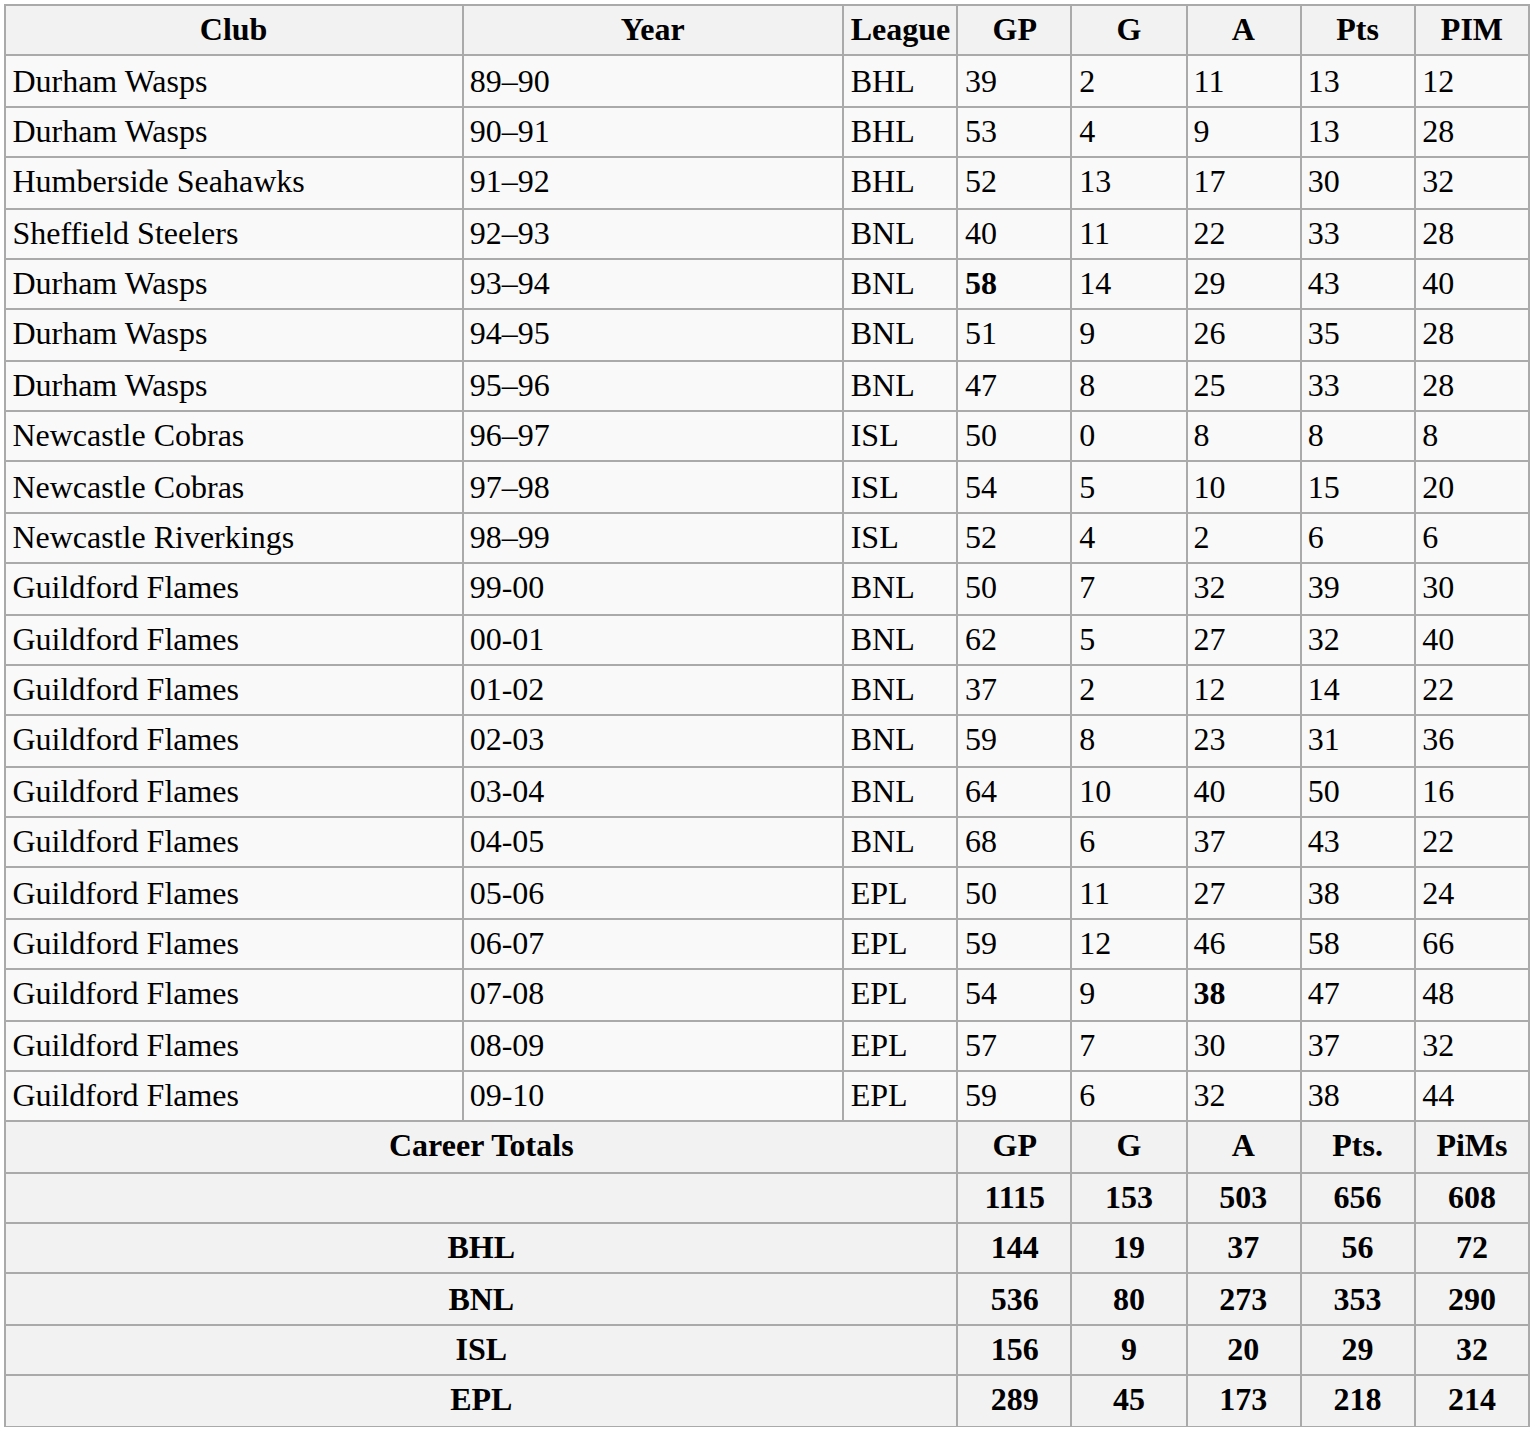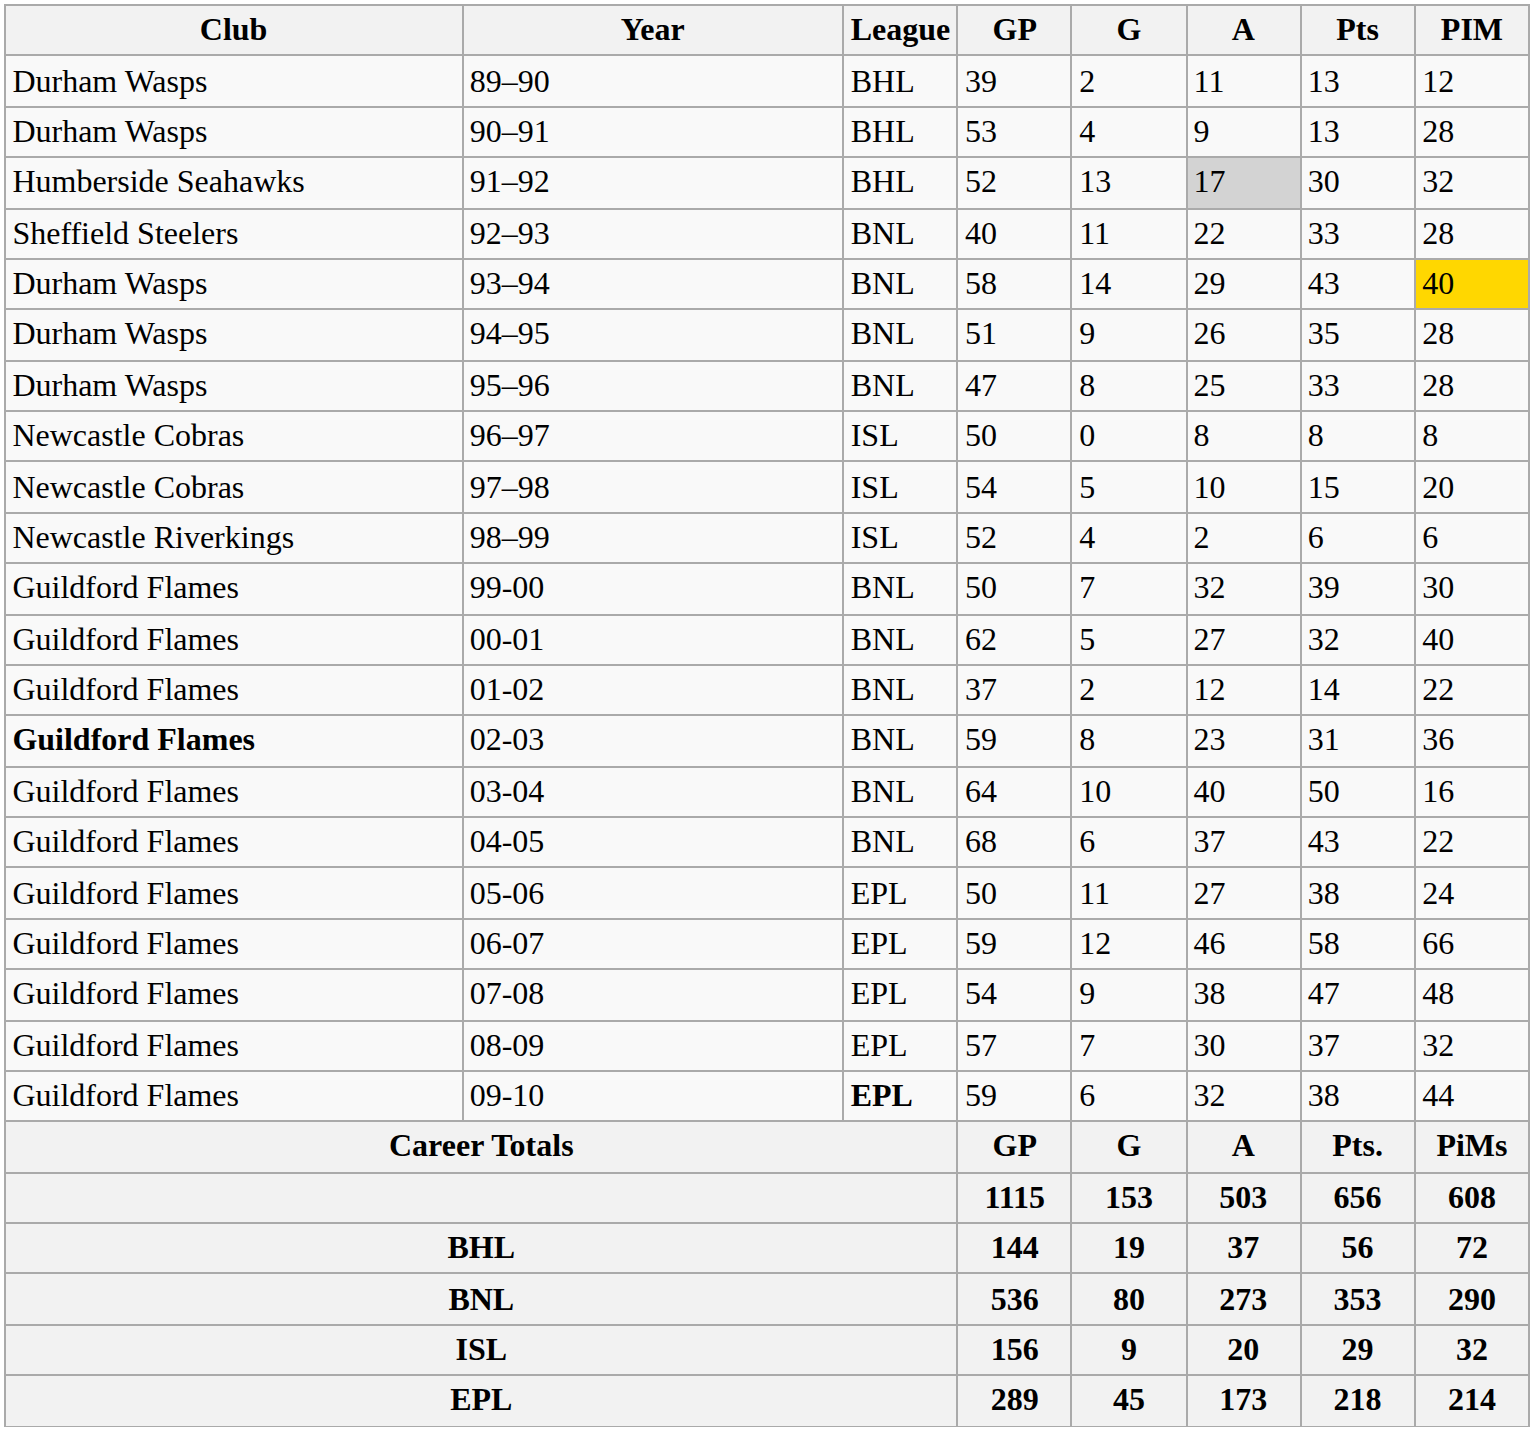 <table class="wikitable">
 <tr>
 <th bgcolor="#DDDDFF" width="30%">Club</th>
 <th bgcolor="#DDDDFF" width="25%">Year</th>
 <th bgcolor="#DDDDFF" width="7.5%">League</th>
 <th bgcolor="#DDDDFF" width="7.5%">GP</th>
 <th bgcolor="#DDDDFF" width="7.5%">G</th>
 <th bgcolor="#DDDDFF" width="7.5%">A</th>
 <th bgcolor="#DDDDFF" width="7.5%">Pts</th>
 <th bgcolor="#DDDDFF" width="7.5%">PIM</th>
 </tr>
 <tr>
 <td>Durham Wasps</td>
 <td>89–90</td>
 <td>BHL</td>
 <td>39</td>
 <td>2</td>
 <td>11</td>
 <td>13</td>
 <td>12</td>
 </tr>
 <tr>
 <td>Durham Wasps</td>
 <td>90–91</td>
 <td>BHL</td>
 <td>53</td>
 <td>4</td>
 <td>9</td>
 <td>13</td>
 <td>28</td>
 </tr>
 <tr>
 <td>Humberside Seahawks</td>
 <td>91–92</td>
 <td>BHL</td>
 <td>52</td>
 <td>13</td>
-<td>17</td>
+<td style="background: lightgrey;">17</td>
 <td>30</td>
 <td>32</td>
 </tr>
 <tr>
 <td>Sheffield Steelers</td>
 <td>92–93</td>
 <td>BNL</td>
 <td>40</td>
 <td>11</td>
 <td>22</td>
 <td>33</td>
 <td>28</td>
 </tr>
 <tr>
 <td>Durham Wasps</td>
 <td>93–94</td>
 <td>BNL</td>
-<td><strong>58</strong></td>
+<td>58</td>
 <td>14</td>
 <td>29</td>
 <td>43</td>
-<td>40</td>
+<td style="background: gold;">40</td>
 </tr>
 <tr>
 <td>Durham Wasps</td>
 <td>94–95</td>
 <td>BNL</td>
 <td>51</td>
 <td>9</td>
 <td>26</td>
 <td>35</td>
 <td>28</td>
 </tr>
 <tr>
 <td>Durham Wasps</td>
 <td>95–96</td>
 <td>BNL</td>
 <td>47</td>
 <td>8</td>
 <td>25</td>
 <td>33</td>
 <td>28</td>
 </tr>
 <tr>
 <td>Newcastle Cobras</td>
 <td>96–97</td>
 <td>ISL</td>
 <td>50</td>
 <td>0</td>
 <td>8</td>
 <td>8</td>
 <td>8</td>
 </tr>
 <tr>
 <td>Newcastle Cobras</td>
 <td>97–98</td>
 <td>ISL</td>
 <td>54</td>
 <td>5</td>
 <td>10</td>
 <td>15</td>
 <td>20</td>
 </tr>
 <tr>
 <td>Newcastle Riverkings</td>
 <td>98–99</td>
 <td>ISL</td>
 <td>52</td>
 <td>4</td>
 <td>2</td>
 <td>6</td>
 <td>6</td>
 </tr>
 <tr>
 <td>Guildford Flames</td>
 <td>99-00</td>
 <td>BNL</td>
 <td>50</td>
 <td>7</td>
 <td>32</td>
 <td>39</td>
 <td>30</td>
 </tr>
 <tr>
 <td>Guildford Flames</td>
 <td>00-01</td>
 <td>BNL</td>
 <td>62</td>
 <td>5</td>
 <td>27</td>
 <td>32</td>
 <td>40</td>
 </tr>
 <tr>
 <td>Guildford Flames</td>
 <td>01-02</td>
 <td>BNL</td>
 <td>37</td>
 <td>2</td>
 <td>12</td>
 <td>14</td>
 <td>22</td>
 </tr>
 <tr>
-<td>Guildford Flames</td>
+<td><strong>Guildford Flames</strong></td>
 <td>02-03</td>
 <td>BNL</td>
 <td>59</td>
 <td>8</td>
 <td>23</td>
 <td>31</td>
 <td>36</td>
 </tr>
 <tr>
 <td>Guildford Flames</td>
 <td>03-04</td>
 <td>BNL</td>
 <td>64</td>
 <td>10</td>
 <td>40</td>
 <td>50</td>
 <td>16</td>
 </tr>
 <tr>
 <td>Guildford Flames</td>
 <td>04-05</td>
 <td>BNL</td>
 <td>68</td>
 <td>6</td>
 <td>37</td>
 <td>43</td>
 <td>22</td>
 </tr>
 <tr>
 <td>Guildford Flames</td>
 <td>05-06</td>
 <td>EPL</td>
 <td>50</td>
 <td>11</td>
 <td>27</td>
 <td>38</td>
 <td>24</td>
 </tr>
 <tr>
 <td>Guildford Flames</td>
 <td>06-07</td>
 <td>EPL</td>
 <td>59</td>
 <td>12</td>
 <td>46</td>
 <td>58</td>
 <td>66</td>
 </tr>
 <tr>
 <td>Guildford Flames</td>
 <td>07-08</td>
 <td>EPL</td>
 <td>54</td>
 <td>9</td>
-<td><strong>38</strong></td>
+<td>38</td>
 <td>47</td>
 <td>48</td>
 </tr>
 <tr>
 <td>Guildford Flames</td>
 <td>08-09</td>
 <td>EPL</td>
 <td>57</td>
 <td>7</td>
 <td>30</td>
 <td>37</td>
 <td>32</td>
 </tr>
 <tr>
 <td>Guildford Flames</td>
 <td>09-10</td>
-<td>EPL</td>
+<td><strong>EPL</strong></td>
 <td>59</td>
 <td>6</td>
 <td>32</td>
 <td>38</td>
 <td>44</td>
 </tr>
 <tr ALIGN="center" bgcolor="#e0e0e0">
 <th colspan="3" align="center">Career Totals</th>
 <th align="center">GP</th>
 <th align="center">G</th>
 <th align="center">A</th>
 <th align="center">Pts.</th>
 <th align="center">PiMs</th>
 </tr>
 <tr ALIGN="center" bgcolor="#e0e0e0">
 <th colspan="3" align="center"></th>
 <th align="center">1115</th>
 <th align="center">153</th>
 <th align="center">503</th>
 <th align="center">656</th>
 <th align="center">608</th>
 </tr>
 <tr ALIGN="center" bgcolor="#e0e0e0">
 <th colspan="3" align="center">BHL</th>
 <th align="center">144</th>
 <th align="center">19</th>
 <th align="center">37</th>
 <th align="center">56</th>
 <th align="center">72</th>
 </tr>
 <tr ALIGN="center" bgcolor="#e0e0e0">
 <th colspan="3" align="center">BNL</th>
 <th align="center">536</th>
 <th align="center">80</th>
 <th align="center">273</th>
 <th align="center">353</th>
 <th align="center">290</th>
 </tr>
 <tr ALIGN="center" bgcolor="#e0e0e0">
 <th colspan="3" align="center">ISL</th>
 <th align="center">156</th>
 <th align="center">9</th>
 <th align="center">20</th>
 <th align="center">29</th>
 <th align="center">32</th>
 </tr>
 <tr ALIGN="center" bgcolor="#e0e0e0">
 <th colspan="3" align="center">EPL</th>
 <th align="center">289</th>
 <th align="center">45</th>
 <th align="center">173</th>
 <th align="center">218</th>
 <th align="center">214</th>
 </tr>
 </table>
